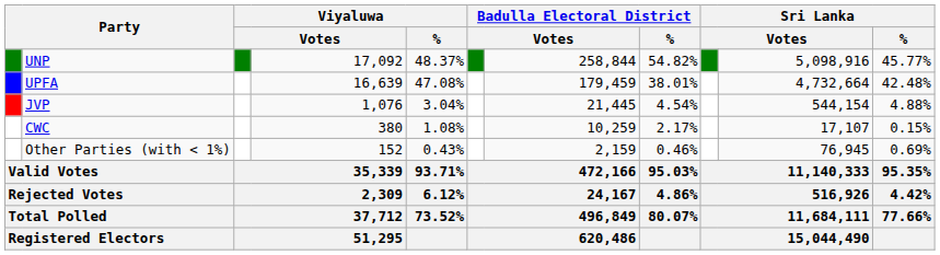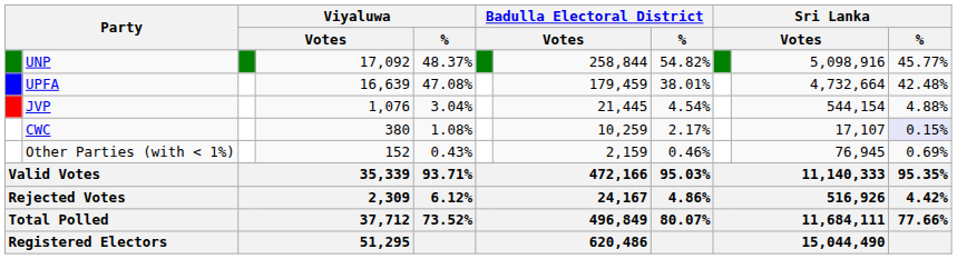 <table class="wikitable">
 <tr>
 <th colspan="2" width="144px"rowspan="2">Party</th>
 <th colspan="3" width="216px">Viyaluwa</th>
 <th colspan="3" width="216px"><a href='#'>Badulla Electoral District</a></th>
 <th colspan="3" width="216px">Sri Lanka</th>
 </tr>
 <tr>
 <th colspan="2" width="144px">Votes</th>
 <th>%</th>
 <th colspan="2" width="144px">Votes</th>
 <th>%</th>
 <th colspan="2" width="144px">Votes</th>
 <th>%</th>
 </tr>
 <tr>
 <td style="background-color:green;" width="10px"></td>
 <td style="text-align:left;"><a href='#'>UNP</a></td>
 <td style="background-color:green;" width="10px"></td>
 <td style="text-align:right;">17,092</td>
 <td style="text-align:right;">48.37%</td>
 <td style="background-color:green;" width="10px"></td>
 <td style="text-align:right;">258,844</td>
 <td style="text-align:right;">54.82%</td>
 <td style="background-color:green;" width="10px"></td>
 <td style="text-align:right;">5,098,916</td>
 <td style="text-align:right;">45.77%</td>
 </tr>
 <tr>
 <td style="background-color:blue;" width="10px"></td>
 <td style="text-align:left;"><a href='#'>UPFA</a></td>
 <td style="background-color:white;" width="10px"></td>
 <td style="text-align:right;">16,639</td>
 <td style="text-align:right;">47.08%</td>
 <td style="background-color:white;" width="10px"></td>
 <td style="text-align:right;">179,459</td>
 <td style="text-align:right;">38.01%</td>
 <td style="background-color:white;" width="10px"></td>
 <td style="text-align:right;">4,732,664</td>
 <td style="text-align:right;">42.48%</td>
 </tr>
 <tr>
 <td style="background-color:red;" width="10px"></td>
 <td style="text-align:left;"><a href='#'>JVP</a></td>
 <td style="background-color:white;" width="10px"></td>
 <td style="text-align:right;">1,076</td>
 <td style="text-align:right;">3.04%</td>
 <td style="background-color:white;" width="10px"></td>
 <td style="text-align:right;">21,445</td>
 <td style="text-align:right;">4.54%</td>
 <td style="background-color:white;" width="10px"></td>
 <td style="text-align:right;">544,154</td>
 <td style="text-align:right;">4.88%</td>
 </tr>
 <tr>
 <td style="background-color:white;" width="10px"></td>
 <td style="text-align:left;"><a href='#'>CWC</a></td>
 <td style="background-color:white;" width="10px"></td>
 <td style="text-align:right;">380</td>
 <td style="text-align:right;">1.08%</td>
 <td style="background-color:white;" width="10px"></td>
 <td style="text-align:right;">10,259</td>
 <td style="text-align:right;">2.17%</td>
 <td style="background-color:white;" width="10px"></td>
 <td style="text-align:right;">17,107</td>
-<td style="text-align:right;">0.15%</td>
+<td style="background: lavender; text-align:right;">0.15%</td>
 </tr>
 <tr>
 <td style="background-color:white;" width="10px"></td>
 <td style="text-align:left;">Other Parties (with < 1%)</td>
 <td style="background-color:white;" width="10px"></td>
 <td style="text-align:right;">152</td>
 <td style="text-align:right;">0.43%</td>
 <td style="background-color:white;" width="10px"></td>
 <td style="text-align:right;">2,159</td>
 <td style="text-align:right;">0.46%</td>
 <td style="background-color:white;" width="10px"></td>
 <td style="text-align:right;">76,945</td>
 <td style="text-align:right;">0.69%</td>
 </tr>
 <tr>
 <th colspan="2" width="144px"style="text-align:left;">Valid Votes</th>
 <th style="text-align:right;"colspan="2" width="144px">35,339</th>
 <th style="text-align:right;">93.71%</th>
 <th style="text-align:right;"colspan="2" width="144px">472,166</th>
 <th style="text-align:right;">95.03%</th>
 <th style="text-align:right;"colspan="2" width="144px">11,140,333</th>
 <th style="text-align:right;">95.35%</th>
 </tr>
 <tr>
 <th colspan="2" width="144px"style="text-align:left;">Rejected Votes</th>
 <th style="text-align:right;"colspan="2" width="144px">2,309</th>
 <th style="text-align:right;">6.12%</th>
 <th style="text-align:right;"colspan="2" width="144px">24,167</th>
 <th style="text-align:right;">4.86%</th>
 <th style="text-align:right;"colspan="2" width="144px">516,926</th>
 <th style="text-align:right;">4.42%</th>
 </tr>
 <tr>
 <th colspan="2" width="144px"style="text-align:left;">Total Polled</th>
 <th style="text-align:right;"colspan="2" width="144px">37,712</th>
 <th style="text-align:right;">73.52%</th>
 <th style="text-align:right;"colspan="2" width="144px">496,849</th>
 <th style="text-align:right;">80.07%</th>
 <th style="text-align:right;"colspan="2" width="144px">11,684,111</th>
 <th style="text-align:right;">77.66%</th>
 </tr>
 <tr>
 <th colspan="2" width="144px"style="text-align:left;">Registered Electors</th>
 <th style="text-align:right;"colspan="2" width="144px">51,295</th>
 <th></th>
 <th style="text-align:right;"colspan="2" width="144px">620,486</th>
 <th></th>
 <th style="text-align:right;"colspan="2" width="144px">15,044,490</th>
 <th></th>
 </tr>
 </table>
